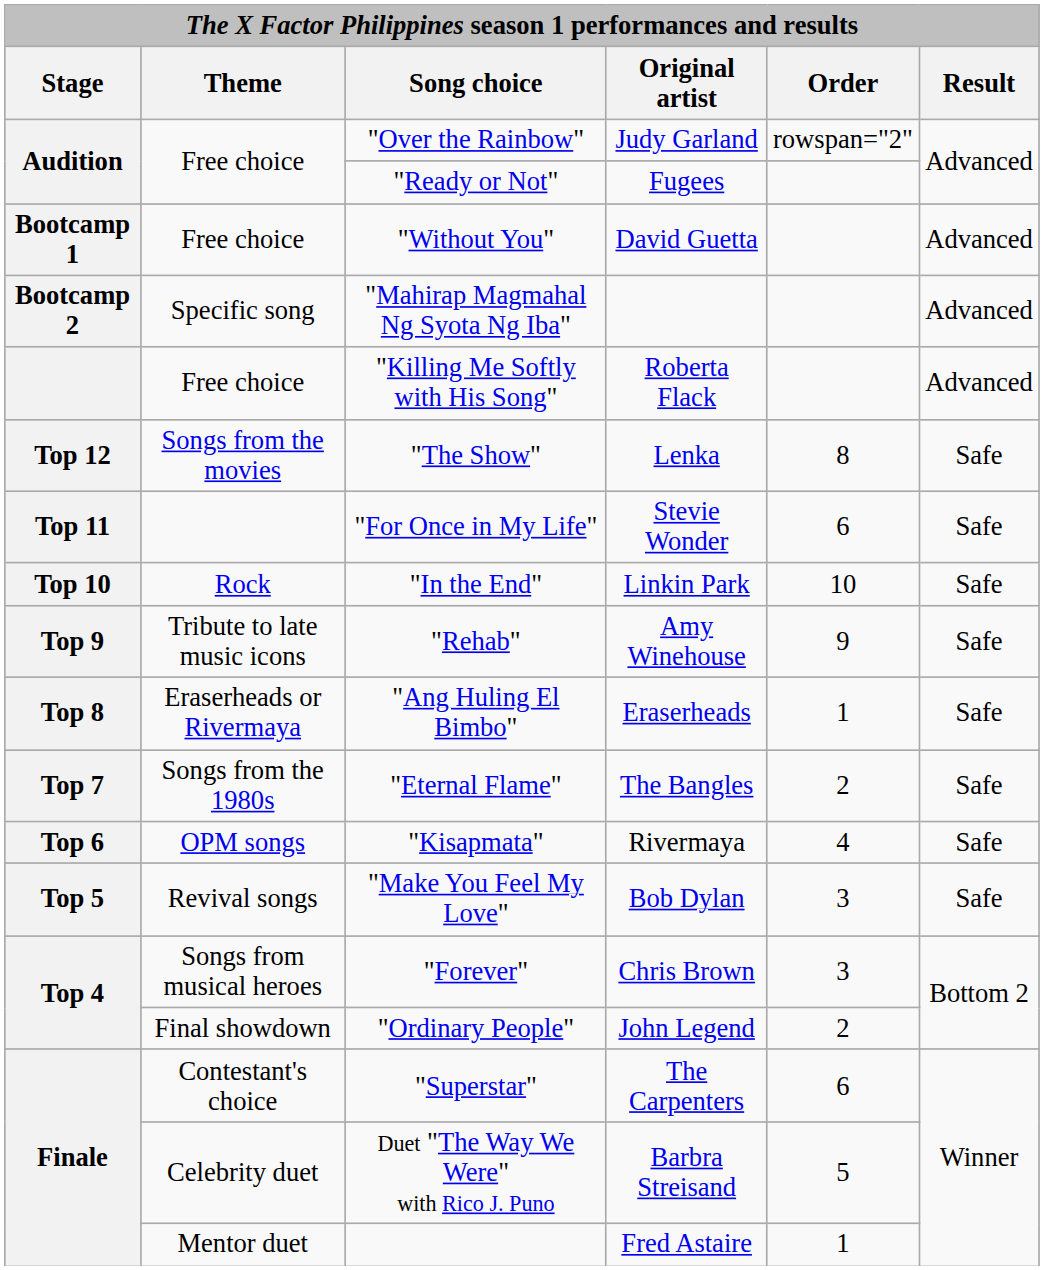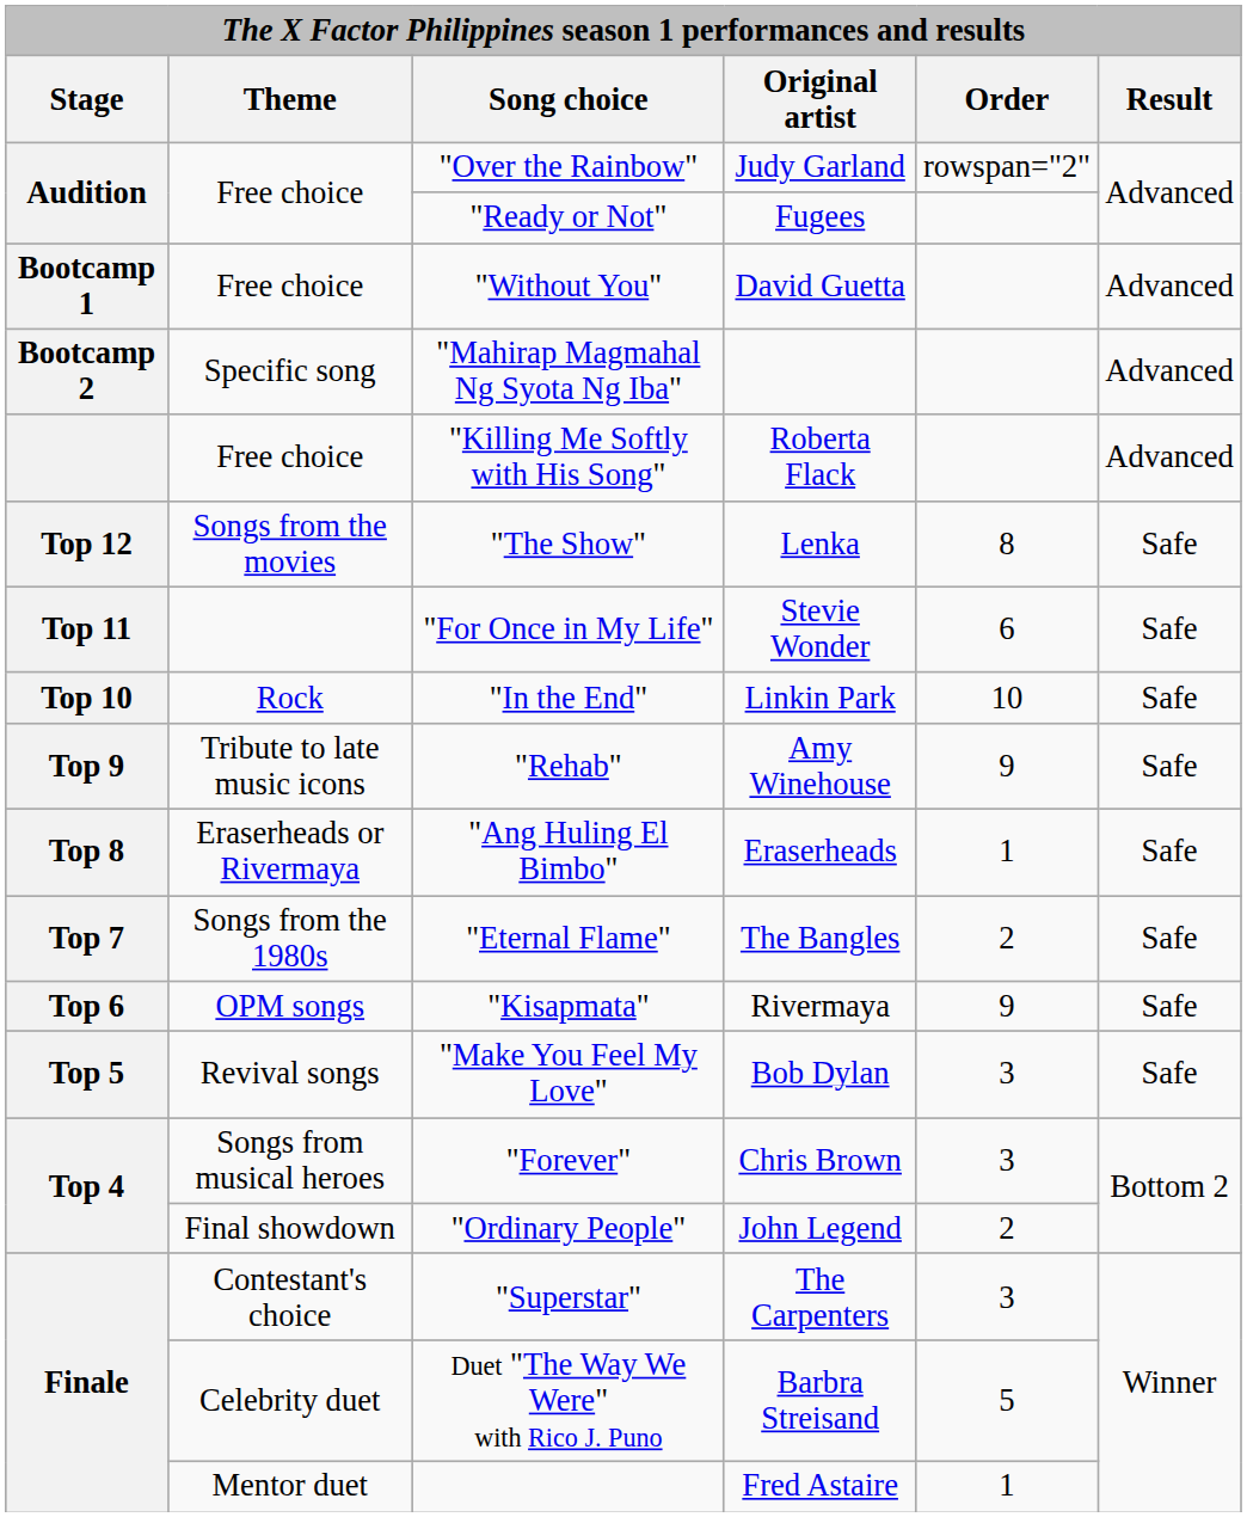 <table class="wikitable collapsible autocollapse" style=" margin:1em auto 1em auto; text-align:center">
 <tr>
 <th colspan="6" style="background:#BFBFBF;"><em>The X Factor Philippines</em> season 1 performances and results</th>
 </tr>
 <tr>
 <th>Stage</th>
 <th>Theme</th>
 <th>Song choice</th>
 <th>Original artist</th>
 <th>Order</th>
 <th>Result</th>
 </tr>
 <tr>
 <th rowspan="2">Audition</th>
 <td rowspan="2">Free choice</td>
 <td>"<a href='#'>Over the Rainbow</a>"</td>
 <td><a href='#'>Judy Garland</a></td>
 <td>rowspan="2" </td>
 <td rowspan="2">Advanced</td>
 </tr>
 <tr>
 <td>"<a href='#'>Ready or Not</a>"</td>
 <td><a href='#'>Fugees</a></td>
 </tr>
 <tr>
 <th>Bootcamp 1</th>
 <td>Free choice</td>
 <td>"<a href='#'>Without You</a>"</td>
 <td><a href='#'>David Guetta</a></td>
 <td></td>
 <td>Advanced</td>
 </tr>
 <tr>
 <th>Bootcamp 2</th>
 <td>Specific song</td>
 <td>"<a href='#'>Mahirap Magmahal Ng Syota Ng Iba</a>"</td>
 <td></td>
 <td></td>
 <td>Advanced</td>
 </tr>
 <tr>
 <th></th>
 <td>Free choice</td>
 <td>"<a href='#'>Killing Me Softly with His Song</a>"</td>
 <td><a href='#'>Roberta Flack</a></td>
 <td></td>
 <td>Advanced</td>
 </tr>
 <tr>
 <th>Top 12</th>
 <td><a href='#'>Songs from the movies</a></td>
 <td>"<a href='#'>The Show</a>"</td>
 <td><a href='#'>Lenka</a></td>
 <td>8</td>
 <td>Safe</td>
 </tr>
 <tr>
 <th>Top 11</th>
 <td></td>
 <td>"<a href='#'>For Once in My Life</a>"</td>
 <td><a href='#'>Stevie Wonder</a></td>
 <td>6</td>
 <td>Safe</td>
 </tr>
 <tr>
 <th>Top 10</th>
 <td><a href='#'>Rock</a></td>
 <td>"<a href='#'>In the End</a>"</td>
 <td><a href='#'>Linkin Park</a></td>
 <td>10</td>
 <td>Safe</td>
 </tr>
 <tr>
 <th>Top 9</th>
 <td>Tribute to late music icons</td>
 <td>"<a href='#'>Rehab</a>"</td>
 <td><a href='#'>Amy Winehouse</a></td>
 <td>9</td>
 <td>Safe</td>
 </tr>
 <tr>
 <th>Top 8</th>
 <td>Eraserheads or <a href='#'>Rivermaya</a></td>
 <td>"<a href='#'>Ang Huling El Bimbo</a>"</td>
 <td><a href='#'>Eraserheads</a></td>
 <td>1</td>
 <td>Safe</td>
 </tr>
 <tr>
 <th>Top 7</th>
 <td>Songs from the <a href='#'>1980s</a></td>
 <td>"<a href='#'>Eternal Flame</a>"</td>
 <td><a href='#'>The Bangles</a></td>
 <td>2</td>
 <td>Safe</td>
 </tr>
 <tr>
 <th>Top 6</th>
 <td><a href='#'>OPM songs</a></td>
 <td>"<a href='#'>Kisapmata</a>"</td>
 <td>Rivermaya</td>
-<td>4</td>
+<td>9</td>
 <td>Safe</td>
 </tr>
 <tr>
 <th>Top 5</th>
 <td>Revival songs</td>
 <td>"<a href='#'>Make You Feel My Love</a>"</td>
 <td><a href='#'>Bob Dylan</a></td>
 <td>3</td>
 <td>Safe</td>
 </tr>
 <tr>
 <th rowspan="2">Top 4</th>
 <td>Songs from musical heroes</td>
 <td>"<a href='#'>Forever</a>"</td>
 <td><a href='#'>Chris Brown</a></td>
 <td>3</td>
 <td rowspan="2">Bottom 2</td>
 </tr>
 <tr>
 <td>Final showdown</td>
 <td>"<a href='#'>Ordinary People</a>"</td>
 <td><a href='#'>John Legend</a></td>
 <td>2</td>
 </tr>
 <tr>
 <th rowspan="3">Finale</th>
 <td>Contestant's choice</td>
 <td>"<a href='#'>Superstar</a>"</td>
 <td><a href='#'>The Carpenters</a></td>
-<td>6</td>
+<td>3</td>
 <td rowspan="3">Winner</td>
 </tr>
 <tr>
 <td>Celebrity duet</td>
 <td><small>Duet</small> "<a href='#'>The Way We Were</a>" <br><small>with <a href='#'>Rico J. Puno</a></small></td>
 <td><a href='#'>Barbra Streisand</a></td>
 <td>5</td>
 </tr>
 <tr>
 <td>Mentor duet</td>
 <td></td>
 <td><a href='#'>Fred Astaire</a></td>
 <td>1</td>
 </tr>
 </table>
